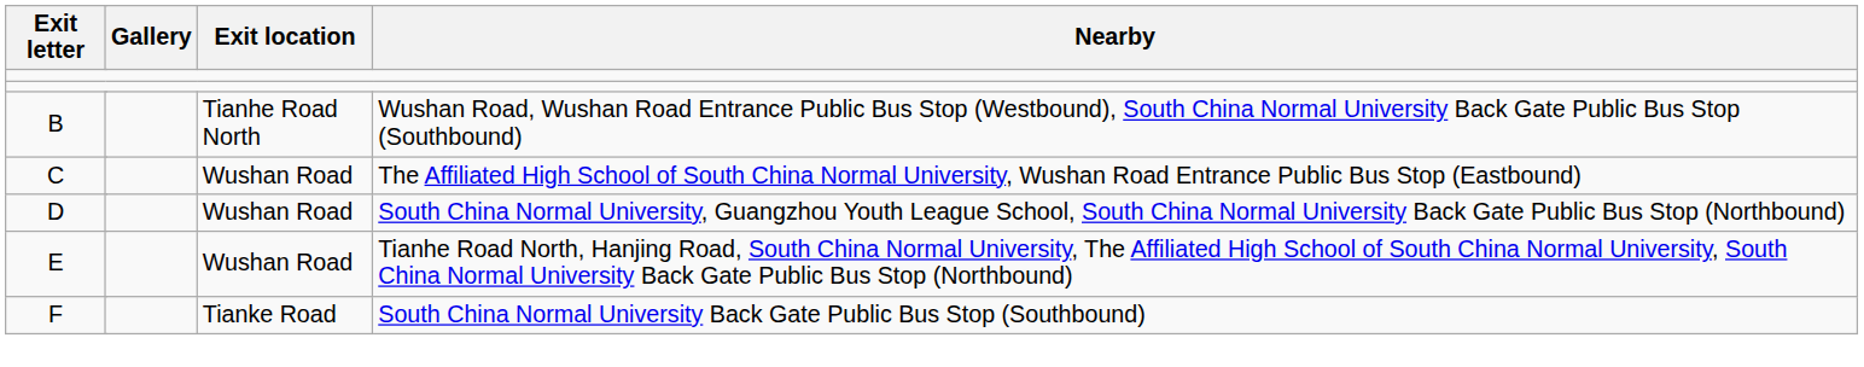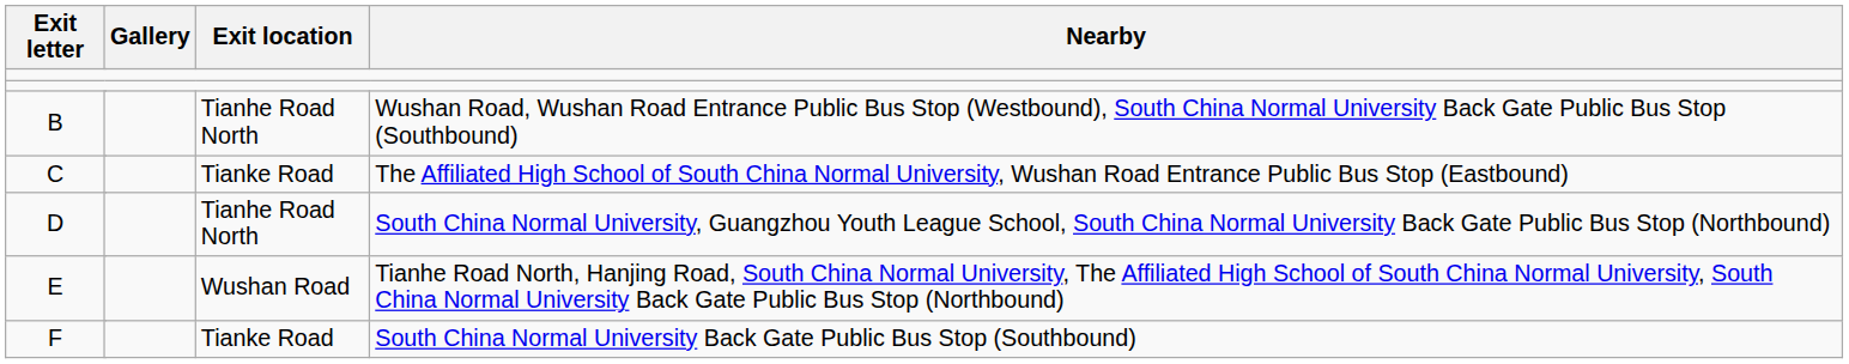 <table class="wikitable">
 <tr>
 <th style="width:70px" colspan="3">Exit letter</th>
 <th>Gallery</th>
 <th>Exit location</th>
 <th>Nearby</th>
 </tr>
 <tr style="background:#">
 <td colspan = "6"></td>
 </tr>
 <tr style="background:#">
 <td colspan = "6"></td>
 </tr>
 <tr>
 <td align="center" colspan="3">B</td>
 <td></td>
 <td>Tianhe Road North</td>
 <td>Wushan Road, Wushan Road Entrance Public Bus Stop (Westbound), <a href='#'>South China Normal University</a> Back Gate Public Bus Stop (Southbound)</td>
 </tr>
 <tr>
 <td align="center" colspan="3">C</td>
 <td></td>
-<td>Wushan Road</td>
+<td>Tianke Road</td>
 <td>The <a href='#'>Affiliated High School of South China Normal University</a>, Wushan Road Entrance Public Bus Stop (Eastbound)</td>
 </tr>
 <tr>
 <td align="center" colspan="3">D</td>
 <td></td>
-<td>Wushan Road</td>
+<td>Tianhe Road North</td>
 <td><a href='#'>South China Normal University</a>, Guangzhou Youth League School, <a href='#'>South China Normal University</a> Back Gate Public Bus Stop (Northbound)</td>
 </tr>
 <tr>
 <td align="center" colspan="3">E</td>
 <td></td>
 <td>Wushan Road</td>
 <td>Tianhe Road North, Hanjing Road, <a href='#'>South China Normal University</a>, The <a href='#'>Affiliated High School of South China Normal University</a>, <a href='#'>South China Normal University</a> Back Gate Public Bus Stop (Northbound)</td>
 </tr>
 <tr>
 <td align="center" colspan="3">F</td>
 <td></td>
 <td>Tianke Road</td>
 <td><a href='#'>South China Normal University</a> Back Gate Public Bus Stop (Southbound)</td>
 </tr>
 </table>
